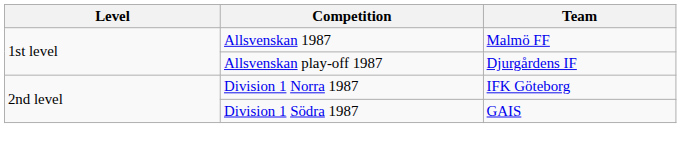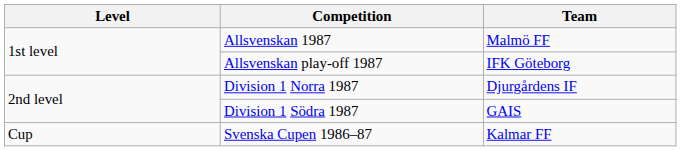 <table class="wikitable" style="text-align: left">
 <tr>
 <th style="width: 225px;">Level</th>
 <th style="width: 275px;">Competition</th>
 <th style="width: 200px;">Team</th>
 </tr>
 <tr>
 <td rowspan=2>1st level</td>
 <td><a href='#'>Allsvenskan</a> 1987</td>
 <td><a href='#'>Malmö FF</a></td>
 </tr>
 <tr>
 <td><a href='#'>Allsvenskan</a> play-off 1987</td>
-<td><a href='#'>Djurgårdens IF</a></td>
+<td><a href='#'>IFK Göteborg</a></td>
 </tr>
 <tr>
 <td rowspan=2>2nd level</td>
 <td><a href='#'>Division 1</a> <a href='#'>Norra</a> 1987</td>
-<td><a href='#'>IFK Göteborg</a></td>
+<td><a href='#'>Djurgårdens IF</a></td>
 </tr>
 <tr>
 <td><a href='#'>Division 1</a> <a href='#'>Södra</a> 1987</td>
 <td><a href='#'>GAIS</a></td>
 </tr>
+<tr>
+<td>Cup</td>
+<td><a href='#'>Svenska Cupen</a> 1986–87</td>
+<td><a href='#'>Kalmar FF</a></td>
+</tr>
 </table>
